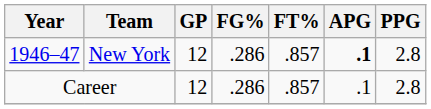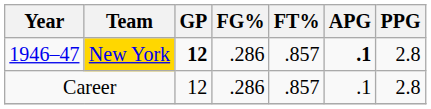 <table class="wikitable sortable" style="font-size:95%; text-align:right;">
 <tr>
 <th>Year</th>
 <th>Team</th>
 <th>GP</th>
 <th>FG%</th>
 <th>FT%</th>
 <th>APG</th>
 <th>PPG</th>
 </tr>
 <tr>
 <td style="text-align:left;"><a href='#'>1946–47</a></td>
-<td style="text-align:left;"><a href='#'>New York</a></td>
-<td>12</td>
+<td style="background: gold; text-align:left;"><a href='#'>New York</a></td>
+<td><strong>12</strong></td>
 <td>.286</td>
 <td>.857</td>
 <td><strong>.1</strong></td>
 <td>2.8</td>
 </tr>
 <tr>
 <td style="text-align:center;" colspan="2">Career</td>
 <td>12</td>
 <td>.286</td>
 <td>.857</td>
 <td>.1</td>
 <td>2.8</td>
 </tr>
 <tr>
 </tr>
 </table>
